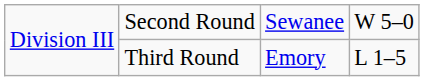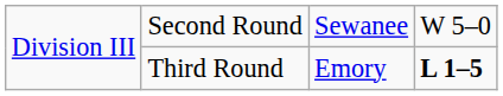 <table class="wikitable">
 <tr>
 <td rowspan="5"><a href='#'>Division III</a></td>
 <td>Second Round</td>
 <td><a href='#'>Sewanee</a></td>
 <td>W 5–0</td>
 </tr>
 <tr>
 <td>Third Round</td>
 <td><a href='#'>Emory</a></td>
-<td>L 1–5</td>
+<td><strong>L 1–5</strong></td>
 </tr>
 </table>
